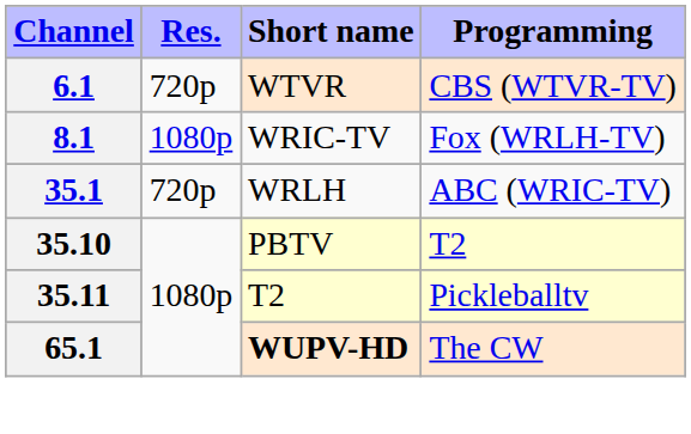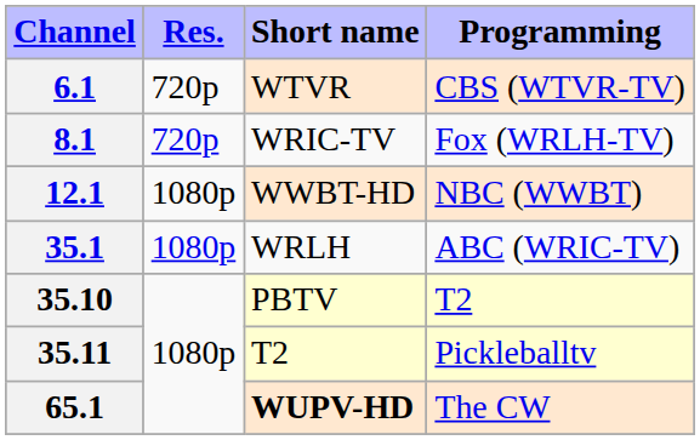 <table class="wikitable">
 <tr>
 <th style="background-color: #bdbdff" scope = "col"><a href='#'>Channel</a></th>
 <th style="background-color: #bdbdff" scope = "col"><a href='#'>Res.</a></th>
 <th style="background-color: #bdbdff" scope = "col">Short name</th>
 <th style="background-color: #bdbdff" scope = "col">Programming</th>
 </tr>
 <tr>
 <th scope = "row"><a href='#'>6.1</a></th>
 <td>720p</td>
 <td style="background-color:#ffe8d0">WTVR</td>
 <td style="background-color:#ffe8d0"><a href='#'>CBS</a> (<a href='#'>WTVR-TV</a>) </td>
 </tr>
 <tr>
 <th scope = "row"><a href='#'>8.1</a></th>
-<td><a href='#'>1080p</a></td>
+<td><a href='#'>720p</a></td>
 <td>WRIC-TV</td>
 <td><a href='#'>Fox</a> (<a href='#'>WRLH-TV</a>)</td>
 </tr>
 <tr>
+<th scope = "row"><a href='#'>12.1</a></th>
+<td>1080p</td>
+<td style="background-color:#ffe8d0">WWBT-HD</td>
+<td style="background-color:#ffe8d0"><a href='#'>NBC</a> (<a href='#'>WWBT</a>) </td>
+</tr>
+<tr>
 <th scope = "row"><a href='#'>35.1</a></th>
-<td>720p</td>
+<td><a href='#'>1080p</a></td>
 <td>WRLH</td>
 <td><a href='#'>ABC</a> (<a href='#'>WRIC-TV</a>)</td>
 </tr>
 <tr>
 <th scope = "row">35.10</th>
 <td rowspan=3>1080p</td>
 <td style="background-color:#ffffd0">PBTV</td>
 <td style="background-color:#ffffd0"><a href='#'>T2</a></td>
 </tr>
 <tr>
 <th scope = "row">35.11</th>
 <td style="background-color:#ffffd0">T2</td>
 <td style="background-color:#ffffd0"><a href='#'>Pickleballtv</a></td>
 </tr>
 <tr>
 <th scope = "row">65.1</th>
 <td style="background-color:#ffe8d0"><strong>WUPV-HD</strong></td>
 <td style="background-color:#ffe8d0"><a href='#'>The CW</a> </td>
 </tr>
 </table>
